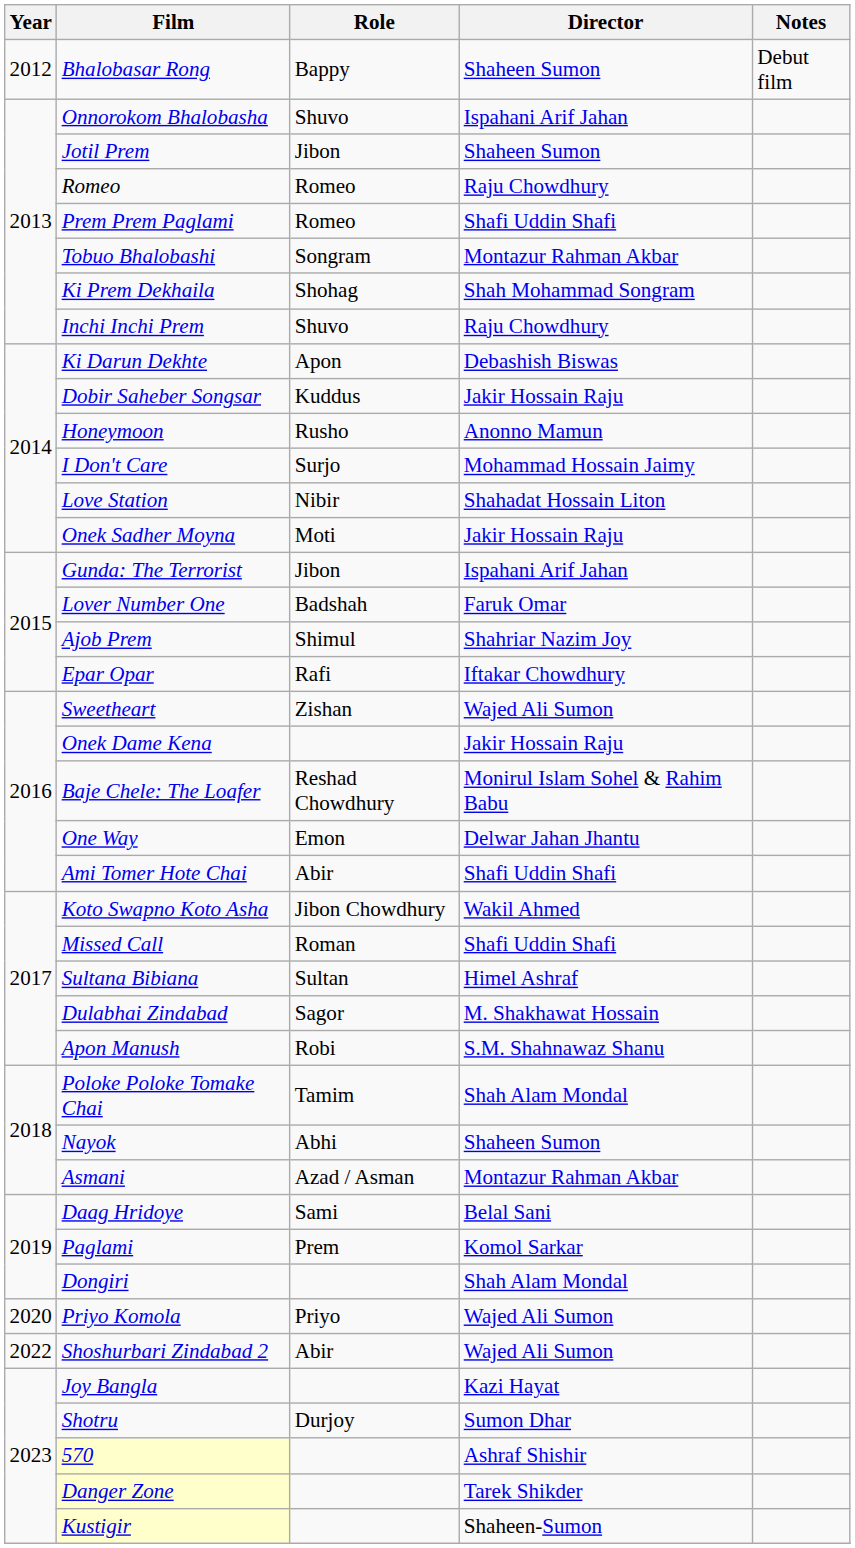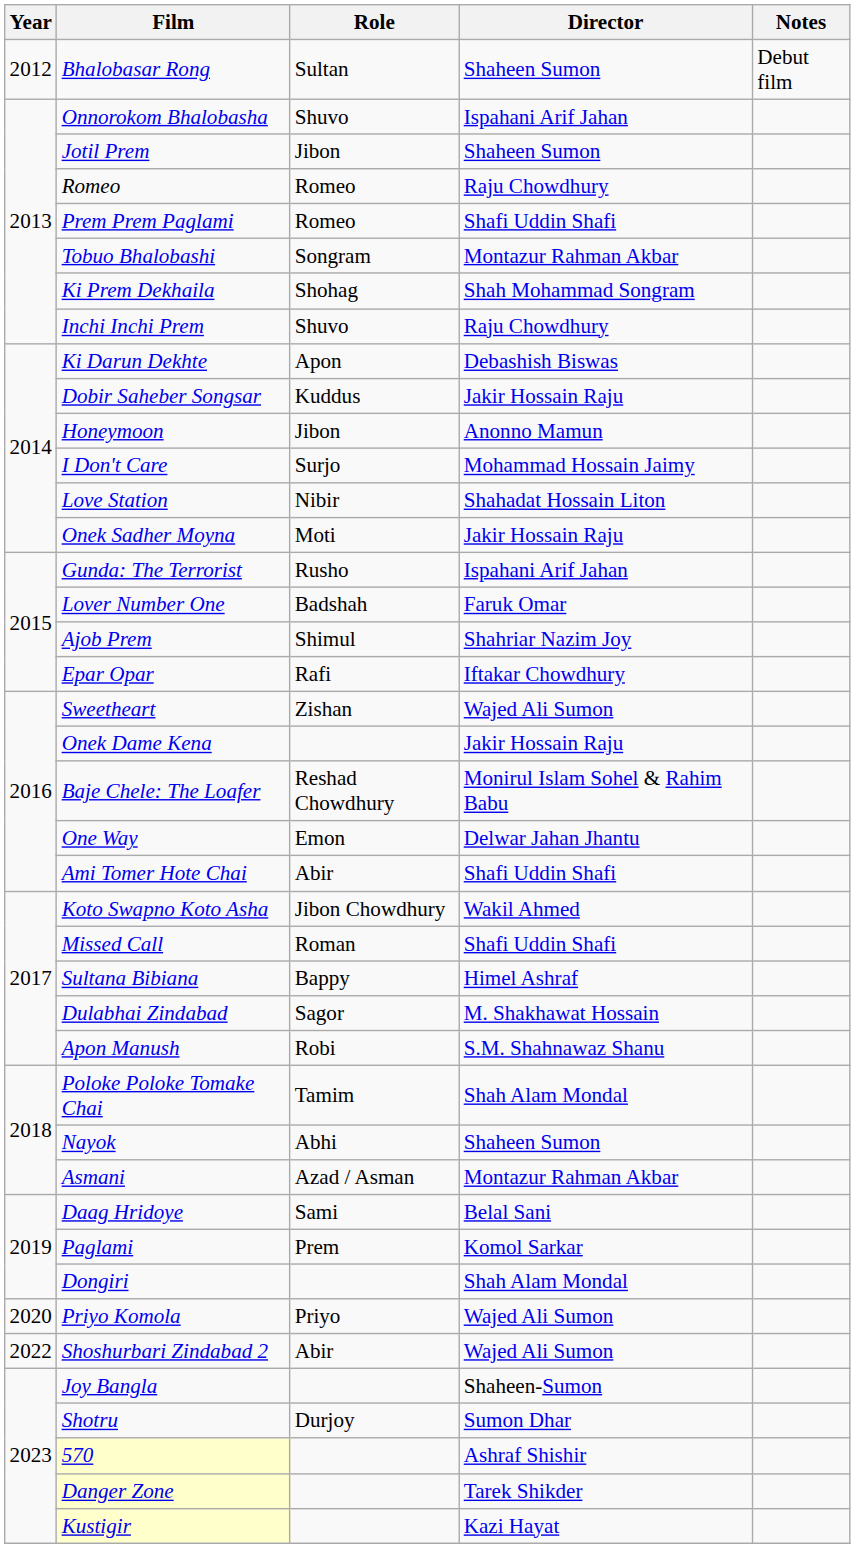 <table class="wikitable" style="font-size:95%;">
 <tr>
 <th>Year</th>
 <th>Film</th>
 <th>Role</th>
 <th>Director</th>
 <th>Notes</th>
 </tr>
 <tr>
 <td rowspan="1">2012</td>
 <td><em><a href='#'>Bhalobasar Rong</a></em></td>
-<td>Bappy</td>
+<td>Sultan</td>
 <td><a href='#'>Shaheen Sumon</a></td>
 <td>Debut film</td>
 </tr>
 <tr>
 <td rowspan="7">2013</td>
 <td><em><a href='#'>Onnorokom Bhalobasha</a></em></td>
 <td>Shuvo</td>
 <td><a href='#'>Ispahani Arif Jahan</a></td>
 <td></td>
 </tr>
 <tr>
 <td><em><a href='#'>Jotil Prem</a></em></td>
 <td>Jibon</td>
 <td><a href='#'>Shaheen Sumon</a></td>
 <td></td>
 </tr>
 <tr>
 <td><em>Romeo</em></td>
 <td>Romeo</td>
 <td><a href='#'>Raju Chowdhury</a></td>
 <td></td>
 </tr>
 <tr>
 <td><em><a href='#'>Prem Prem Paglami</a></em></td>
 <td>Romeo</td>
 <td><a href='#'>Shafi Uddin Shafi</a></td>
 <td></td>
 </tr>
 <tr>
 <td><em><a href='#'>Tobuo Bhalobashi</a></em></td>
 <td>Songram</td>
 <td><a href='#'>Montazur Rahman Akbar</a></td>
 <td></td>
 </tr>
 <tr>
 <td><em><a href='#'>Ki Prem Dekhaila</a></em></td>
 <td>Shohag</td>
 <td><a href='#'>Shah Mohammad Songram</a></td>
 <td></td>
 </tr>
 <tr>
 <td><em><a href='#'>Inchi Inchi Prem</a></em></td>
 <td>Shuvo</td>
 <td><a href='#'>Raju Chowdhury</a></td>
 <td></td>
 </tr>
 <tr>
 <td rowspan="6">2014</td>
 <td><em><a href='#'>Ki Darun Dekhte</a></em></td>
 <td>Apon</td>
 <td><a href='#'>Debashish Biswas</a></td>
 <td></td>
 </tr>
 <tr>
 <td><em><a href='#'>Dobir Saheber Songsar</a></em></td>
 <td>Kuddus</td>
 <td><a href='#'>Jakir Hossain Raju</a></td>
 <td></td>
 </tr>
 <tr>
 <td><em><a href='#'>Honeymoon</a></em></td>
-<td>Rusho</td>
+<td>Jibon</td>
 <td><a href='#'>Anonno Mamun</a></td>
 <td></td>
 </tr>
 <tr>
 <td><em><a href='#'>I Don't Care</a></em></td>
 <td>Surjo</td>
 <td><a href='#'>Mohammad Hossain Jaimy</a></td>
 <td></td>
 </tr>
 <tr>
 <td><em><a href='#'>Love Station</a></em></td>
 <td>Nibir</td>
 <td><a href='#'>Shahadat Hossain Liton</a></td>
 <td></td>
 </tr>
 <tr>
 <td><em><a href='#'>Onek Sadher Moyna</a></em></td>
 <td>Moti</td>
 <td><a href='#'>Jakir Hossain Raju</a></td>
 <td></td>
 </tr>
 <tr>
 <td rowspan="4">2015</td>
 <td><em><a href='#'>Gunda: The Terrorist</a></em></td>
-<td>Jibon</td>
+<td>Rusho</td>
 <td><a href='#'>Ispahani Arif Jahan</a></td>
 <td></td>
 </tr>
 <tr>
 <td><em><a href='#'>Lover Number One</a></em></td>
 <td>Badshah</td>
 <td><a href='#'>Faruk Omar</a></td>
 <td></td>
 </tr>
 <tr>
 <td><em><a href='#'>Ajob Prem</a></em></td>
 <td>Shimul</td>
 <td><a href='#'>Shahriar Nazim Joy</a></td>
 <td></td>
 </tr>
 <tr>
 <td><em><a href='#'>Epar Opar</a></em></td>
 <td>Rafi</td>
 <td><a href='#'>Iftakar Chowdhury</a></td>
 <td></td>
 </tr>
 <tr>
 <td rowspan="5">2016</td>
 <td><em><a href='#'>Sweetheart</a></em></td>
 <td>Zishan</td>
 <td><a href='#'>Wajed Ali Sumon</a></td>
 <td></td>
 </tr>
 <tr>
 <td><em><a href='#'>Onek Dame Kena</a></em></td>
 <td></td>
 <td><a href='#'>Jakir Hossain Raju</a></td>
 <td></td>
 </tr>
 <tr>
 <td><em><a href='#'>Baje Chele: The Loafer</a></em></td>
 <td>Reshad Chowdhury</td>
 <td><a href='#'>Monirul Islam Sohel</a> & <a href='#'>Rahim Babu</a></td>
 <td></td>
 </tr>
 <tr>
 <td><em><a href='#'>One Way</a></em></td>
 <td>Emon</td>
 <td><a href='#'>Delwar Jahan Jhantu</a></td>
 <td></td>
 </tr>
 <tr>
 <td><em><a href='#'>Ami Tomer Hote Chai</a></em></td>
 <td>Abir</td>
 <td><a href='#'>Shafi Uddin Shafi</a></td>
 <td></td>
 </tr>
 <tr>
 <td rowspan="5">2017</td>
 <td><em><a href='#'>Koto Swapno Koto Asha</a></em></td>
 <td>Jibon Chowdhury</td>
 <td><a href='#'>Wakil Ahmed</a></td>
 <td></td>
 </tr>
 <tr>
 <td><em><a href='#'>Missed Call</a></em></td>
 <td>Roman</td>
 <td><a href='#'>Shafi Uddin Shafi</a></td>
 <td></td>
 </tr>
 <tr>
 <td><em><a href='#'>Sultana Bibiana</a></em></td>
-<td>Sultan</td>
+<td>Bappy</td>
 <td><a href='#'>Himel Ashraf</a></td>
 <td></td>
 </tr>
 <tr>
 <td><em><a href='#'>Dulabhai Zindabad</a></em></td>
 <td>Sagor</td>
 <td><a href='#'>M. Shakhawat Hossain</a></td>
 <td></td>
 </tr>
 <tr>
 <td><em><a href='#'>Apon Manush</a></em></td>
 <td>Robi</td>
 <td><a href='#'>S.M. Shahnawaz Shanu</a></td>
 <td></td>
 </tr>
 <tr>
 <td rowspan="3">2018</td>
 <td><em><a href='#'>Poloke Poloke Tomake Chai</a></em></td>
 <td>Tamim</td>
 <td><a href='#'>Shah Alam Mondal</a></td>
 <td></td>
 </tr>
 <tr>
 <td><em><a href='#'>Nayok</a></em></td>
 <td>Abhi</td>
 <td><a href='#'>Shaheen Sumon</a></td>
 <td></td>
 </tr>
 <tr>
 <td><em><a href='#'>Asmani</a></em></td>
 <td>Azad / Asman</td>
 <td><a href='#'>Montazur Rahman Akbar</a></td>
 <td></td>
 </tr>
 <tr>
 <td rowspan="3">2019</td>
 <td><em><a href='#'>Daag Hridoye</a></em></td>
 <td>Sami</td>
 <td><a href='#'>Belal Sani</a></td>
 <td></td>
 </tr>
 <tr>
 <td><em><a href='#'>Paglami</a></em></td>
 <td>Prem</td>
 <td><a href='#'>Komol Sarkar</a></td>
 <td></td>
 </tr>
 <tr>
 <td><em><a href='#'>Dongiri</a></em></td>
 <td></td>
 <td><a href='#'>Shah Alam Mondal</a></td>
 <td></td>
 </tr>
 <tr>
 <td>2020</td>
 <td><em><a href='#'>Priyo Komola</a></em></td>
 <td>Priyo</td>
 <td><a href='#'>Wajed Ali Sumon</a></td>
 <td></td>
 </tr>
 <tr>
 <td>2022</td>
 <td><em><a href='#'>Shoshurbari Zindabad 2</a></em></td>
 <td>Abir</td>
 <td><a href='#'>Wajed Ali Sumon</a></td>
 <td></td>
 </tr>
 <tr>
 <td rowspan="5">2023</td>
 <td><em><a href='#'>Joy Bangla</a></em></td>
 <td></td>
-<td><a href='#'>Kazi Hayat</a></td>
+<td>Shaheen-<a href='#'>Sumon</a></td>
 <td></td>
 </tr>
 <tr>
 <td><em><a href='#'>Shotru</a></em></td>
 <td>Durjoy</td>
 <td><a href='#'>Sumon Dhar</a></td>
 <td></td>
 </tr>
 <tr>
 <td style="background:#ffc;"><em><a href='#'>570</a></em> </td>
 <td></td>
 <td><a href='#'>Ashraf Shishir</a></td>
 <td></td>
 </tr>
 <tr>
 <td style="background:#ffc;"><em><a href='#'>Danger Zone</a></em> </td>
 <td></td>
 <td><a href='#'>Tarek Shikder</a></td>
 <td></td>
 </tr>
 <tr>
 <td style="background:#ffc;"><em><a href='#'>Kustigir</a></em> </td>
 <td></td>
-<td>Shaheen-<a href='#'>Sumon</a></td>
+<td><a href='#'>Kazi Hayat</a></td>
 <td></td>
 </tr>
 <tr>
 </tr>
 </table>
